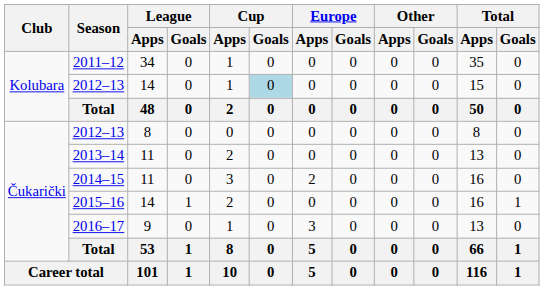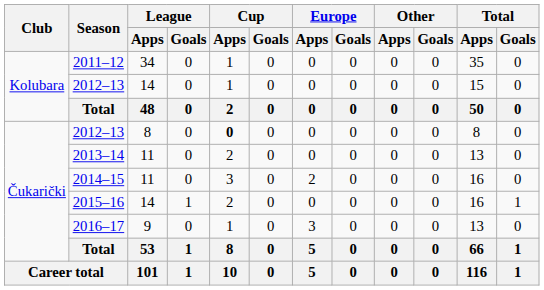 <table class="wikitable" style="text-align:center">
 <tr>
 <th rowspan="2">Club</th>
 <th rowspan="2">Season</th>
 <th colspan="2">League</th>
 <th colspan="2">Cup</th>
 <th colspan="2"><a href='#'>Europe</a></th>
 <th colspan="2">Other</th>
 <th colspan="2">Total</th>
 </tr>
 <tr>
 <th>Apps</th>
 <th>Goals</th>
 <th>Apps</th>
 <th>Goals</th>
 <th>Apps</th>
 <th>Goals</th>
 <th>Apps</th>
 <th>Goals</th>
 <th>Apps</th>
 <th>Goals</th>
 </tr>
 <tr>
 <td rowspan="3"><a href='#'>Kolubara</a></td>
 <td><a href='#'>2011–12</a></td>
 <td>34</td>
 <td>0</td>
 <td>1</td>
 <td>0</td>
 <td>0</td>
 <td>0</td>
 <td>0</td>
 <td>0</td>
 <td>35</td>
 <td>0</td>
 </tr>
 <tr>
 <td><a href='#'>2012–13</a></td>
 <td>14</td>
 <td>0</td>
 <td>1</td>
-<td style="background: lightblue;">0</td>
+<td>0</td>
 <td>0</td>
 <td>0</td>
 <td>0</td>
 <td>0</td>
 <td>15</td>
 <td>0</td>
 </tr>
 <tr>
 <th>Total</th>
 <th>48</th>
 <th>0</th>
 <th>2</th>
 <th>0</th>
 <th>0</th>
 <th>0</th>
 <th>0</th>
 <th>0</th>
 <th>50</th>
 <th>0</th>
 </tr>
 <tr>
 <td rowspan="6"><a href='#'>Čukarički</a></td>
 <td><a href='#'>2012–13</a></td>
 <td>8</td>
 <td>0</td>
-<td>0</td>
+<td><strong>0</strong></td>
 <td>0</td>
 <td>0</td>
 <td>0</td>
 <td>0</td>
 <td>0</td>
 <td>8</td>
 <td>0</td>
 </tr>
 <tr>
 <td><a href='#'>2013–14</a></td>
 <td>11</td>
 <td>0</td>
 <td>2</td>
 <td>0</td>
 <td>0</td>
 <td>0</td>
 <td>0</td>
 <td>0</td>
 <td>13</td>
 <td>0</td>
 </tr>
 <tr>
 <td><a href='#'>2014–15</a></td>
 <td>11</td>
 <td>0</td>
 <td>3</td>
 <td>0</td>
 <td>2</td>
 <td>0</td>
 <td>0</td>
 <td>0</td>
 <td>16</td>
 <td>0</td>
 </tr>
 <tr>
 <td><a href='#'>2015–16</a></td>
 <td>14</td>
 <td>1</td>
 <td>2</td>
 <td>0</td>
 <td>0</td>
 <td>0</td>
 <td>0</td>
 <td>0</td>
 <td>16</td>
 <td>1</td>
 </tr>
 <tr>
 <td><a href='#'>2016–17</a></td>
 <td>9</td>
 <td>0</td>
 <td>1</td>
 <td>0</td>
 <td>3</td>
 <td>0</td>
 <td>0</td>
 <td>0</td>
 <td>13</td>
 <td>0</td>
 </tr>
 <tr>
 <th>Total</th>
 <th>53</th>
 <th>1</th>
 <th>8</th>
 <th>0</th>
 <th>5</th>
 <th>0</th>
 <th>0</th>
 <th>0</th>
 <th>66</th>
 <th>1</th>
 </tr>
 <tr>
 <th colspan="2">Career total</th>
 <th>101</th>
 <th>1</th>
 <th>10</th>
 <th>0</th>
 <th>5</th>
 <th>0</th>
 <th>0</th>
 <th>0</th>
 <th>116</th>
 <th>1</th>
 </tr>
 </table>
